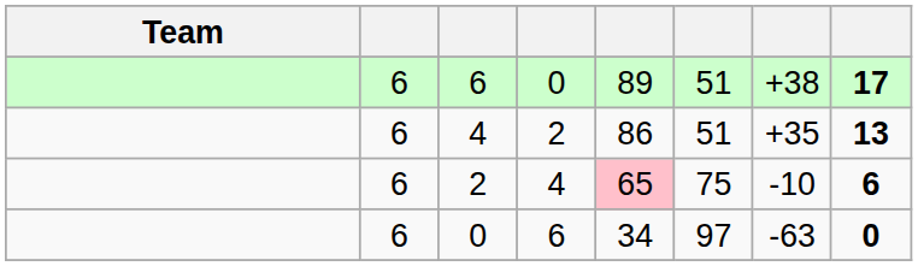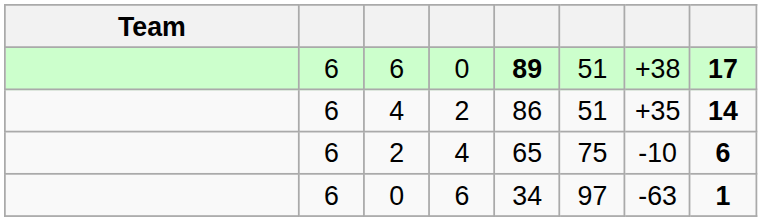 <table class="wikitable" style="text-align:center;font-size:95%">
 <tr>
 <th width=160>Team</th>
 <th width=30></th>
 <th width=30></th>
 <th width=30></th>
 <th width=30></th>
 <th width=30></th>
 <th width=30></th>
 <th width=30></th>
 </tr>
 <tr bgcolor=ccffcc>
 <td align="left"></td>
 <td>6</td>
 <td>6</td>
 <td>0</td>
-<td>89</td>
+<td><strong>89</strong></td>
 <td>51</td>
 <td>+38</td>
 <td><strong>17</strong></td>
 </tr>
 <tr>
 <td align="left"></td>
 <td>6</td>
 <td>4</td>
 <td>2</td>
 <td>86</td>
 <td>51</td>
 <td>+35</td>
-<td><strong>13</strong></td>
+<td><strong>14</strong></td>
 </tr>
 <tr>
 <td align="left"></td>
 <td>6</td>
 <td>2</td>
 <td>4</td>
-<td style="background: pink;">65</td>
+<td>65</td>
 <td>75</td>
 <td>-10</td>
 <td><strong>6</strong></td>
 </tr>
 <tr>
 <td align="left"></td>
 <td>6</td>
 <td>0</td>
 <td>6</td>
 <td>34</td>
 <td>97</td>
 <td>-63</td>
-<td><strong>0</strong></td>
+<td><strong>1</strong></td>
 </tr>
 </table>
